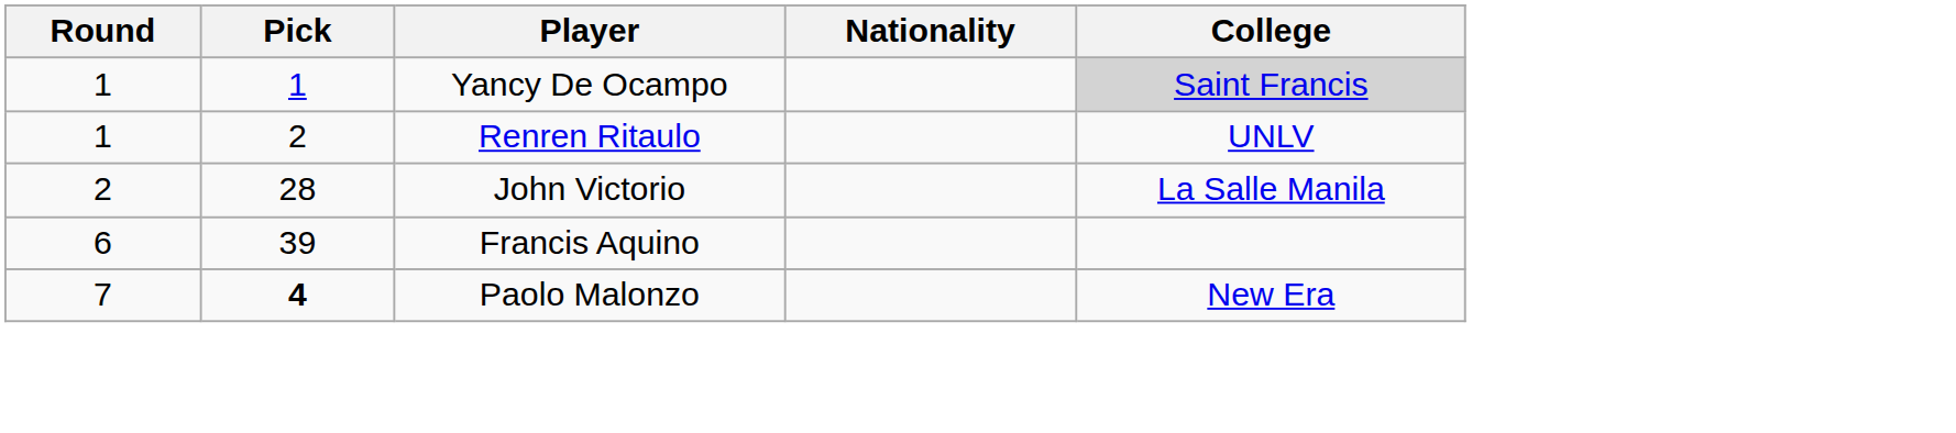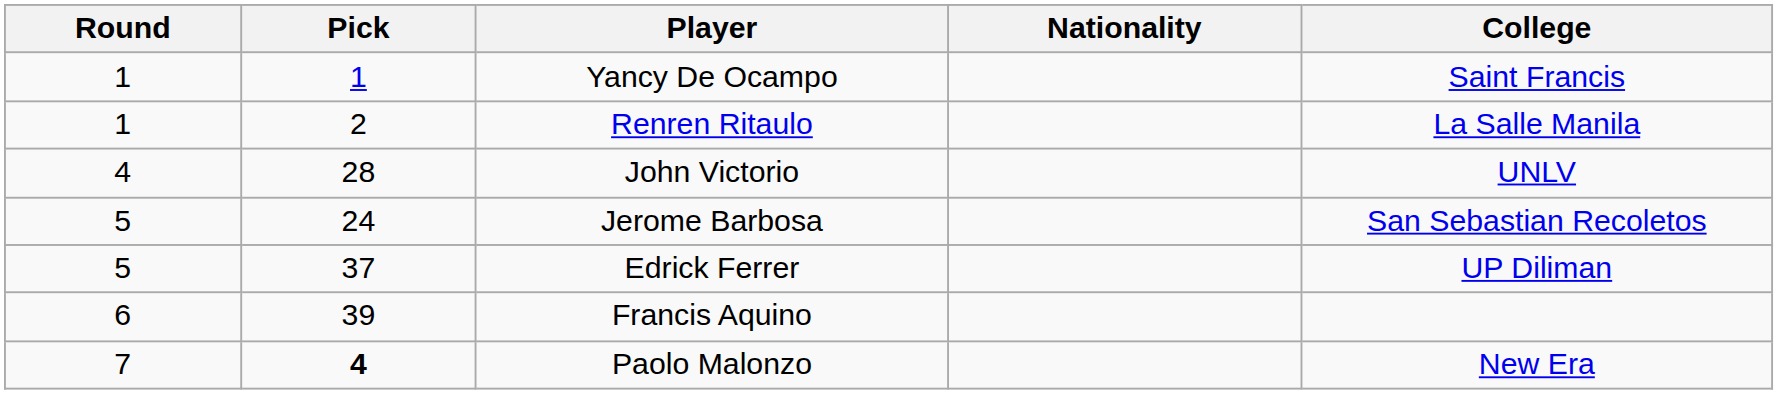 <table class="wikitable sortable sortable">
 <tr>
 <th width="10%">Round</th>
 <th width="10%">Pick</th>
 <th width="20%">Player</th>
 <th width="15%">Nationality</th>
 <th width="20%">College</th>
 </tr>
 <tr style="text-align: center">
 <td>1</td>
 <td><a href='#'>1</a></td>
 <td>Yancy De Ocampo</td>
 <td></td>
-<td style="background: lightgrey;"><a href='#'>Saint Francis</a></td>
+<td><a href='#'>Saint Francis</a></td>
 </tr>
 <tr style="text-align: center">
 <td>1</td>
 <td>2</td>
 <td><a href='#'>Renren Ritaulo</a></td>
 <td></td>
+<td><a href='#'>La Salle Manila</a></td>
+</tr>
+<tr style="text-align: center">
+<td>4</td>
+<td>28</td>
+<td>John Victorio</td>
+<td></td>
 <td><a href='#'>UNLV</a></td>
 </tr>
 <tr style="text-align: center">
-<td>2</td>
-<td>28</td>
-<td>John Victorio</td>
+<td>5</td>
+<td>24</td>
+<td>Jerome Barbosa</td>
 <td></td>
-<td><a href='#'>La Salle Manila</a></td>
+<td><a href='#'>San Sebastian Recoletos</a></td>
+</tr>
+<tr style="text-align: center">
+<td>5</td>
+<td>37</td>
+<td>Edrick Ferrer</td>
+<td></td>
+<td><a href='#'>UP Diliman</a></td>
 </tr>
 <tr style="text-align: center">
 <td>6</td>
 <td>39</td>
 <td>Francis Aquino</td>
 <td></td>
 <td></td>
 </tr>
 <tr style="text-align: center">
 <td>7</td>
 <td><strong>4</strong></td>
 <td>Paolo Malonzo</td>
 <td></td>
 <td><a href='#'>New Era</a></td>
 </tr>
 </table>
